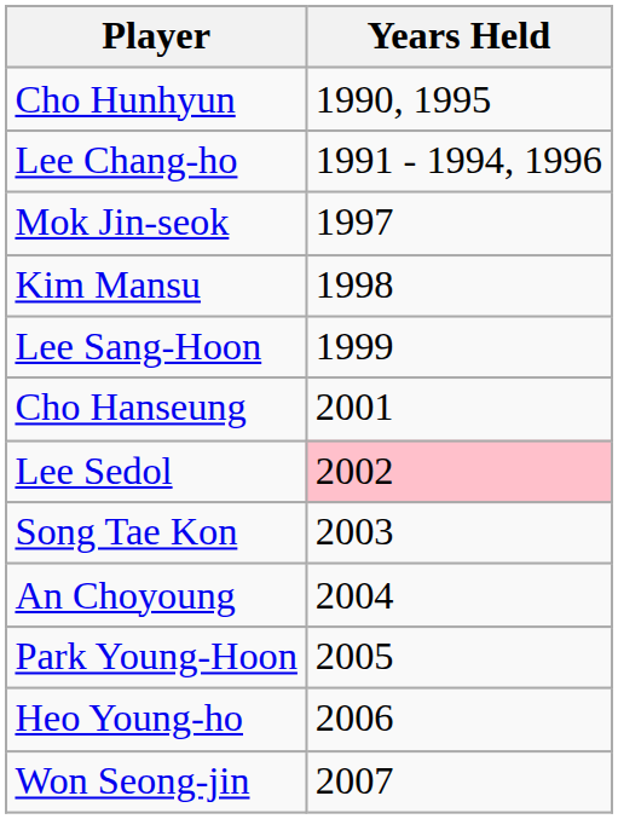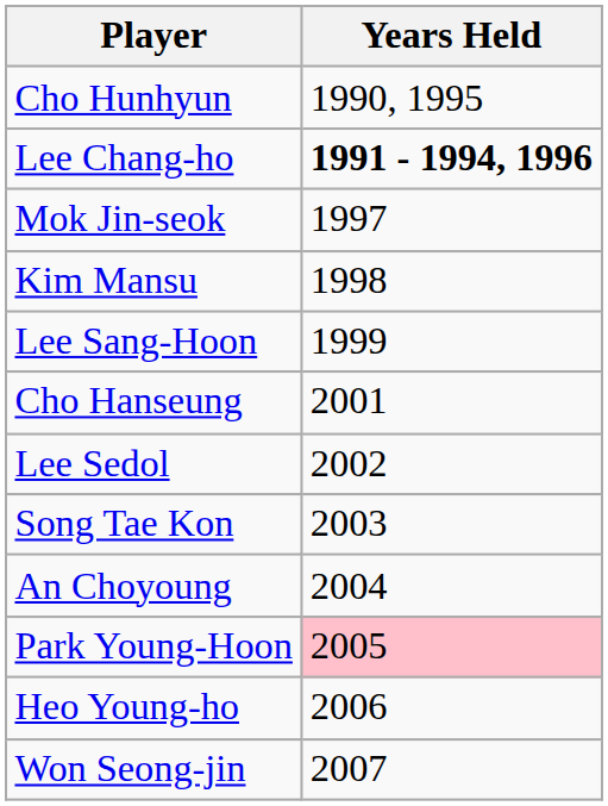 <table class="wikitable">
 <tr>
 <th>Player</th>
 <th>Years Held</th>
 </tr>
 <tr>
 <td><a href='#'>Cho Hunhyun</a></td>
 <td>1990, 1995</td>
 </tr>
 <tr>
 <td><a href='#'>Lee Chang-ho</a></td>
-<td>1991 - 1994, 1996</td>
+<td><strong>1991 - 1994, 1996</strong></td>
 </tr>
 <tr>
 <td><a href='#'>Mok Jin-seok</a></td>
 <td>1997</td>
 </tr>
 <tr>
 <td><a href='#'>Kim Mansu</a></td>
 <td>1998</td>
 </tr>
 <tr>
 <td><a href='#'>Lee Sang-Hoon</a></td>
 <td>1999</td>
 </tr>
 <tr>
 <td><a href='#'>Cho Hanseung</a></td>
 <td>2001</td>
 </tr>
 <tr>
 <td><a href='#'>Lee Sedol</a></td>
-<td style="background: pink;">2002</td>
+<td>2002</td>
 </tr>
 <tr>
 <td><a href='#'>Song Tae Kon</a></td>
 <td>2003</td>
 </tr>
 <tr>
 <td><a href='#'>An Choyoung</a></td>
 <td>2004</td>
 </tr>
 <tr>
 <td><a href='#'>Park Young-Hoon</a></td>
-<td>2005</td>
+<td style="background: pink;">2005</td>
 </tr>
 <tr>
 <td><a href='#'>Heo Young-ho</a></td>
 <td>2006</td>
 </tr>
 <tr>
 <td><a href='#'>Won Seong-jin</a></td>
 <td>2007</td>
 </tr>
 </table>
